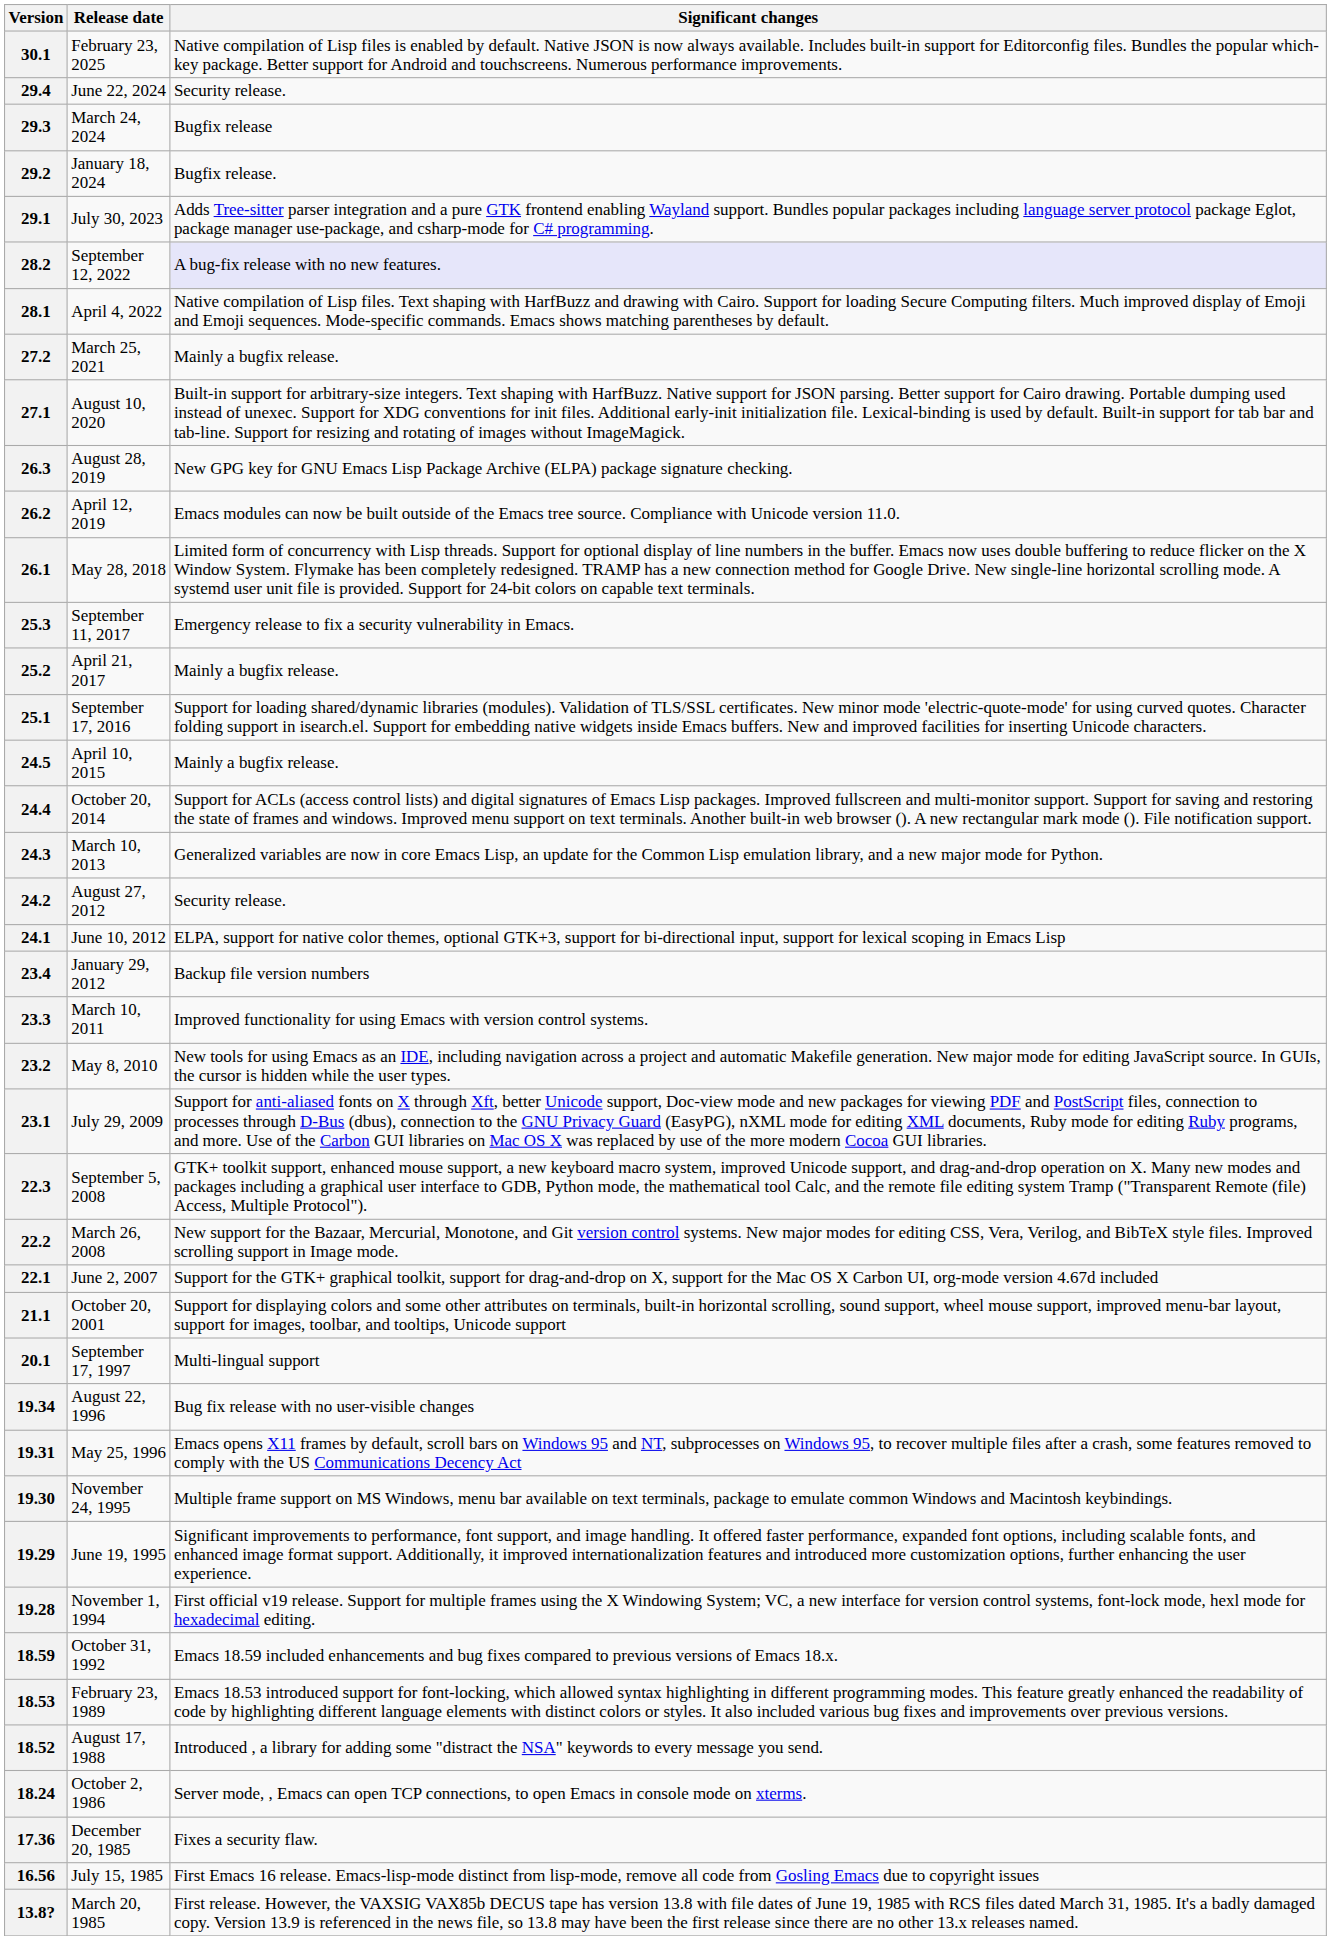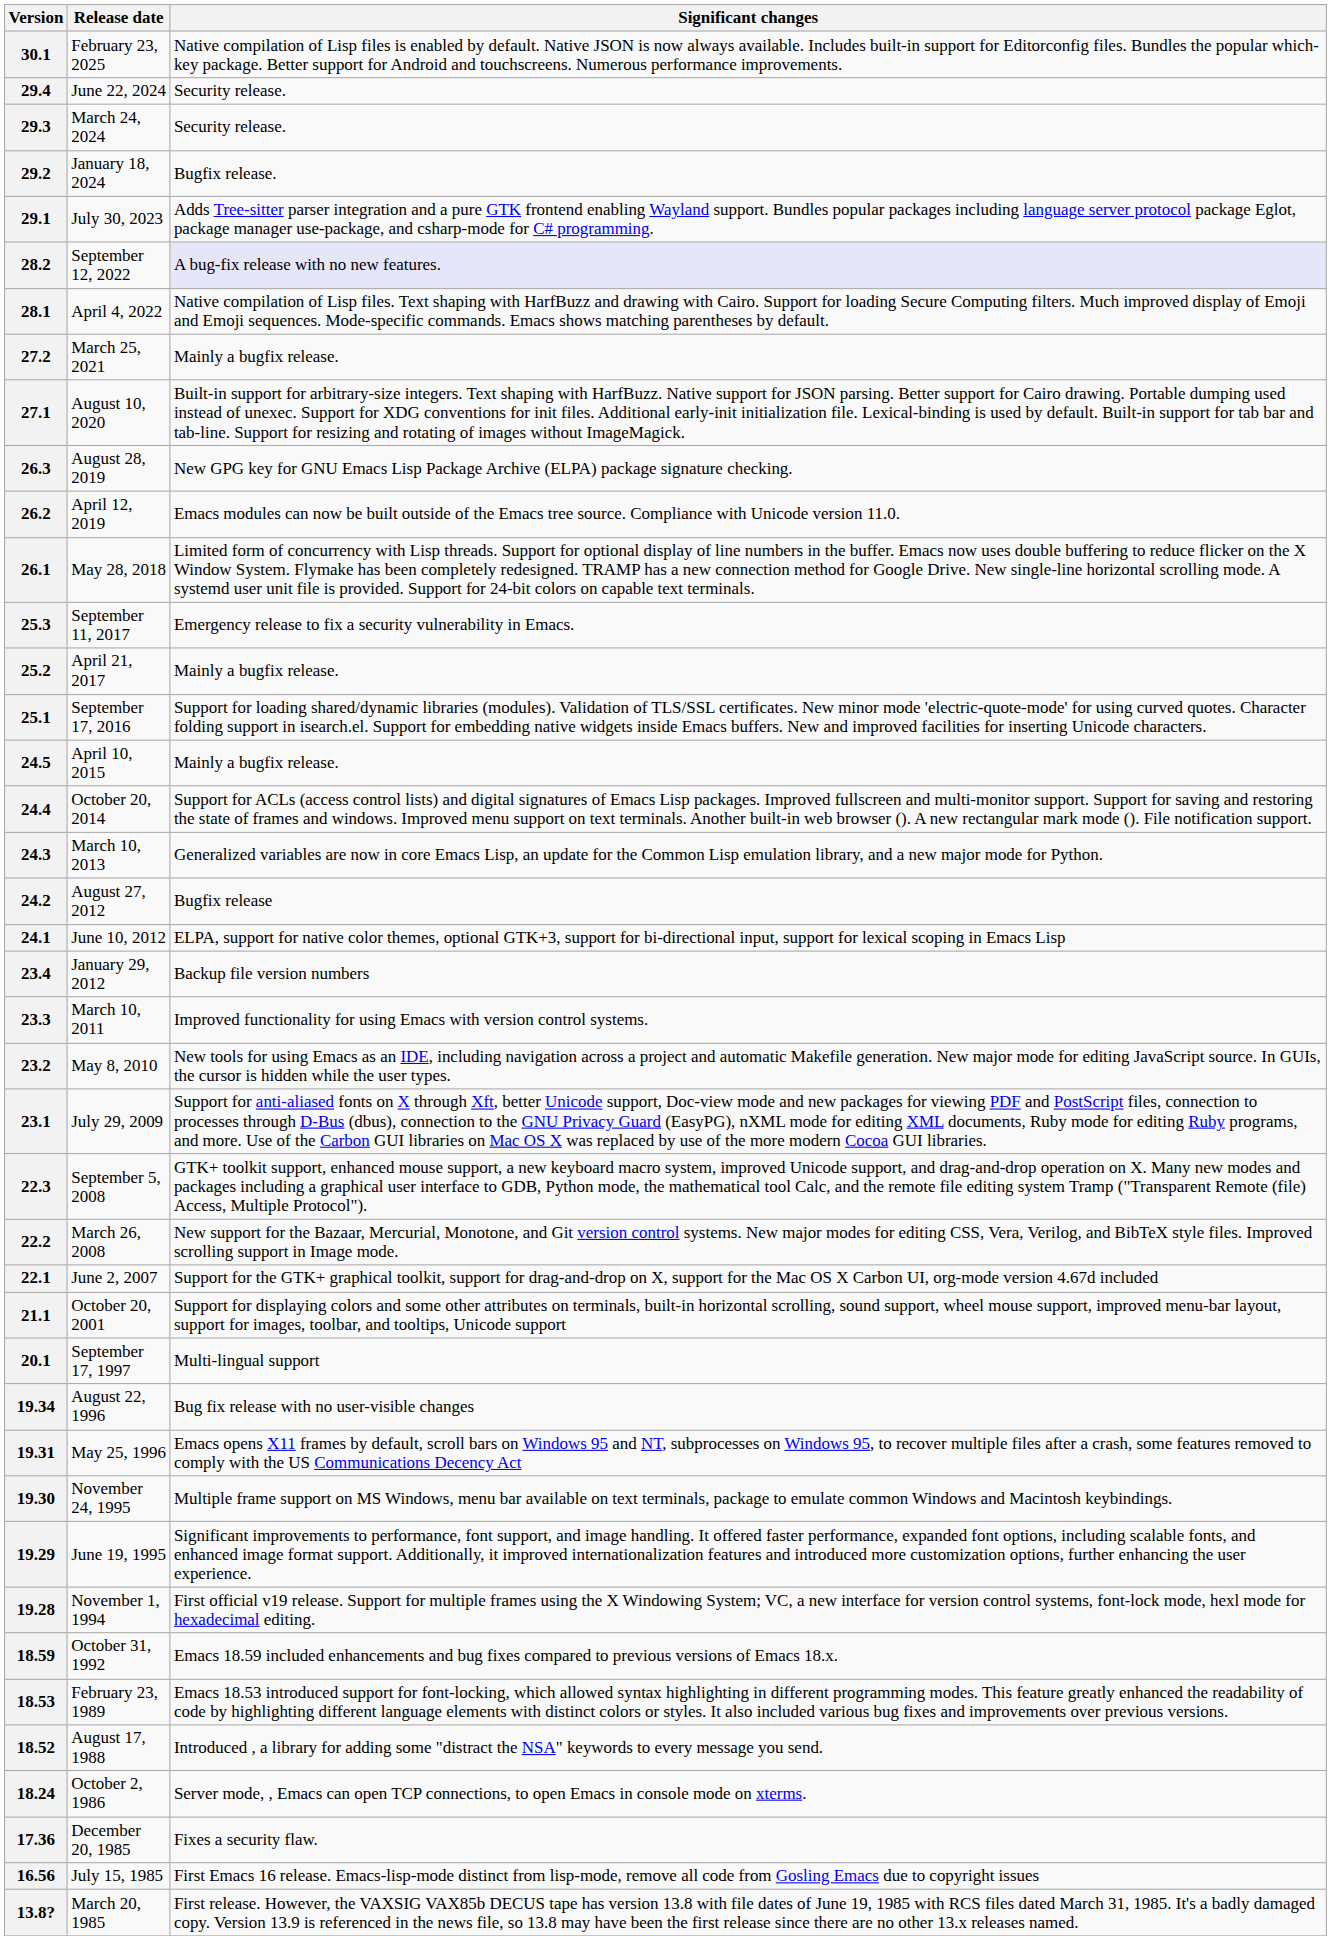 <table class="wikitable sortable">
 <tr>
 <th scope="col">Version</th>
 <th scope="col">Release date</th>
 <th scope="col">Significant changes</th>
 </tr>
 <tr>
 <th>30.1</th>
 <td>February 23, 2025</td>
 <td>Native compilation of Lisp files is enabled by default. Native JSON is now always available. Includes built-in support for Editorconfig files. Bundles the popular which-key package. Better support for Android and touchscreens. Numerous performance improvements.</td>
 </tr>
 <tr>
 <th>29.4</th>
 <td>June 22, 2024</td>
 <td>Security release.</td>
 </tr>
 <tr>
 <th>29.3</th>
 <td>March 24, 2024</td>
-<td>Bugfix release</td>
+<td>Security release.</td>
 </tr>
 <tr>
 <th>29.2</th>
 <td>January 18, 2024</td>
 <td>Bugfix release.</td>
 </tr>
 <tr>
 <th>29.1</th>
 <td>July 30, 2023</td>
 <td>Adds <a href='#'>Tree-sitter</a> parser integration and a pure <a href='#'>GTK</a> frontend enabling <a href='#'>Wayland</a> support. Bundles popular packages including <a href='#'>language server protocol</a> package Eglot, package manager use-package, and csharp-mode for <a href='#'>C# programming</a>.</td>
 </tr>
 <tr>
 <th>28.2</th>
 <td>September 12, 2022</td>
 <td style="background: lavender;">A bug-fix release with no new features.</td>
 </tr>
 <tr>
 <th>28.1</th>
 <td>April 4, 2022</td>
 <td>Native compilation of Lisp files. Text shaping with HarfBuzz and drawing with Cairo. Support for loading Secure Computing filters. Much improved display of Emoji and Emoji sequences. Mode-specific commands. Emacs shows matching parentheses by default.</td>
 </tr>
 <tr>
 <th>27.2</th>
 <td>March 25, 2021</td>
 <td>Mainly a bugfix release.</td>
 </tr>
 <tr>
 <th>27.1</th>
 <td>August 10, 2020</td>
 <td>Built-in support for arbitrary-size integers. Text shaping with HarfBuzz. Native support for JSON parsing. Better support for Cairo drawing. Portable dumping used instead of unexec. Support for XDG conventions for init files. Additional early-init initialization file. Lexical-binding is used by default. Built-in support for tab bar and tab-line. Support for resizing and rotating of images without ImageMagick.</td>
 </tr>
 <tr>
 <th>26.3</th>
 <td>August 28, 2019</td>
 <td>New GPG key for GNU Emacs Lisp Package Archive (ELPA) package signature checking.</td>
 </tr>
 <tr>
 <th>26.2</th>
 <td>April 12, 2019</td>
 <td>Emacs modules can now be built outside of the Emacs tree source. Compliance with Unicode version 11.0.</td>
 </tr>
 <tr>
 <th>26.1</th>
 <td>May 28, 2018</td>
 <td>Limited form of concurrency with Lisp threads. Support for optional display of line numbers in the buffer. Emacs now uses double buffering to reduce flicker on the X Window System. Flymake has been completely redesigned. TRAMP has a new connection method for Google Drive. New single-line horizontal scrolling mode. A systemd user unit file is provided. Support for 24-bit colors on capable text terminals.</td>
 </tr>
 <tr>
 <th>25.3</th>
 <td>September 11, 2017</td>
 <td>Emergency release to fix a security vulnerability in Emacs.</td>
 </tr>
 <tr>
 <th>25.2</th>
 <td>April 21, 2017</td>
 <td>Mainly a bugfix release.</td>
 </tr>
 <tr>
 <th>25.1</th>
 <td>September 17, 2016</td>
 <td>Support for loading shared/dynamic libraries (modules). Validation of TLS/SSL certificates. New minor mode 'electric-quote-mode' for using curved quotes. Character folding support in isearch.el. Support for embedding native widgets inside Emacs buffers. New and improved facilities for inserting Unicode characters.</td>
 </tr>
 <tr>
 <th>24.5</th>
 <td>April 10, 2015</td>
 <td>Mainly a bugfix release.</td>
 </tr>
 <tr>
 <th>24.4</th>
 <td>October 20, 2014</td>
 <td>Support for ACLs (access control lists) and digital signatures of Emacs Lisp packages. Improved fullscreen and multi-monitor support. Support for saving and restoring the state of frames and windows. Improved menu support on text terminals. Another built-in web browser (). A new rectangular mark mode (). File notification support.</td>
 </tr>
 <tr>
 <th>24.3</th>
 <td>March 10, 2013</td>
 <td>Generalized variables are now in core Emacs Lisp, an update for the Common Lisp emulation library, and a new major mode for Python.</td>
 </tr>
 <tr>
 <th>24.2</th>
 <td>August 27, 2012</td>
-<td>Security release.</td>
+<td>Bugfix release</td>
 </tr>
 <tr>
 <th>24.1</th>
 <td>June 10, 2012</td>
 <td>ELPA, support for native color themes, optional GTK+3, support for bi-directional input, support for lexical scoping in Emacs Lisp</td>
 </tr>
 <tr>
 <th>23.4</th>
 <td>January 29, 2012</td>
 <td>Backup file version numbers</td>
 </tr>
 <tr>
 <th>23.3</th>
 <td>March 10, 2011</td>
 <td>Improved functionality for using Emacs with version control systems.</td>
 </tr>
 <tr>
 <th>23.2</th>
 <td>May 8, 2010</td>
 <td>New tools for using Emacs as an <a href='#'>IDE</a>, including navigation across a project and automatic Makefile generation. New major mode for editing JavaScript source. In GUIs, the cursor is hidden while the user types.</td>
 </tr>
 <tr>
 <th>23.1</th>
 <td>July 29, 2009</td>
 <td>Support for <a href='#'>anti-aliased</a> fonts on <a href='#'>X</a> through <a href='#'>Xft</a>, better <a href='#'>Unicode</a> support, Doc-view mode and new packages for viewing <a href='#'>PDF</a> and <a href='#'>PostScript</a> files, connection to processes through <a href='#'>D-Bus</a> (dbus), connection to the <a href='#'>GNU Privacy Guard</a> (EasyPG), nXML mode for editing <a href='#'>XML</a> documents, Ruby mode for editing <a href='#'>Ruby</a> programs, and more. Use of the <a href='#'>Carbon</a> GUI libraries on <a href='#'>Mac OS X</a> was replaced by use of the more modern <a href='#'>Cocoa</a> GUI libraries.</td>
 </tr>
 <tr>
 <th>22.3</th>
 <td>September 5, 2008</td>
 <td>GTK+ toolkit support, enhanced mouse support, a new keyboard macro system, improved Unicode support, and drag-and-drop operation on X. Many new modes and packages including a graphical user interface to GDB, Python mode, the mathematical tool Calc, and the remote file editing system Tramp ("Transparent Remote (file) Access, Multiple Protocol").</td>
 </tr>
 <tr>
 <th>22.2</th>
 <td>March 26, 2008</td>
 <td>New support for the Bazaar, Mercurial, Monotone, and Git <a href='#'>version control</a> systems. New major modes for editing CSS, Vera, Verilog, and BibTeX style files. Improved scrolling support in Image mode.</td>
 </tr>
 <tr>
 <th>22.1</th>
 <td>June 2, 2007</td>
 <td>Support for the GTK+ graphical toolkit, support for drag-and-drop on X, support for the Mac OS X Carbon UI, org-mode version 4.67d included</td>
 </tr>
 <tr>
 <th>21.1</th>
 <td>October 20, 2001</td>
 <td>Support for displaying colors and some other attributes on terminals, built-in horizontal scrolling, sound support, wheel mouse support, improved menu-bar layout, support for images, toolbar, and tooltips, Unicode support</td>
 </tr>
 <tr>
 <th>20.1</th>
 <td>September 17, 1997</td>
 <td>Multi-lingual support</td>
 </tr>
 <tr>
 <th>19.34</th>
 <td>August 22, 1996</td>
 <td>Bug fix release with no user-visible changes</td>
 </tr>
 <tr>
 <th>19.31</th>
 <td>May 25, 1996</td>
 <td>Emacs opens <a href='#'>X11</a> frames by default, scroll bars on <a href='#'>Windows 95</a> and <a href='#'>NT</a>, subprocesses on <a href='#'>Windows 95</a>,  to recover multiple files after a crash, some  features removed to comply with the US <a href='#'>Communications Decency Act</a></td>
 </tr>
 <tr>
 <th>19.30</th>
 <td>November 24, 1995</td>
 <td>Multiple frame support on MS Windows, menu bar available on text terminals,  package to emulate common Windows and Macintosh keybindings.</td>
 </tr>
 <tr>
 <th>19.29</th>
 <td>June 19, 1995</td>
 <td>Significant improvements to performance, font support, and image handling. It offered faster performance, expanded font options, including scalable fonts, and enhanced image format support. Additionally, it improved internationalization features and introduced more customization options, further enhancing the user experience.</td>
 </tr>
 <tr>
 <th>19.28</th>
 <td>November 1, 1994</td>
 <td>First official v19 release.  Support for multiple frames using the X Windowing System; VC, a new interface for version control systems, font-lock mode, hexl mode for <a href='#'>hexadecimal</a> editing.</td>
 </tr>
 <tr>
 <th>18.59</th>
 <td>October 31, 1992</td>
 <td>Emacs 18.59 included enhancements and bug fixes compared to previous versions of Emacs 18.x.</td>
 </tr>
 <tr>
 <th>18.53</th>
 <td>February 23, 1989</td>
 <td>Emacs 18.53 introduced support for font-locking, which allowed syntax highlighting in different programming modes. This feature greatly enhanced the readability of code by highlighting different language elements with distinct colors or styles. It also included various bug fixes and improvements over previous versions.</td>
 </tr>
 <tr>
 <th>18.52</th>
 <td>August 17, 1988</td>
 <td>Introduced , a library for adding some "distract the <a href='#'>NSA</a>" keywords to every message you send.</td>
 </tr>
 <tr>
 <th>18.24</th>
 <td>October 2, 1986</td>
 <td>Server mode, , Emacs can open TCP connections,  to open Emacs in console mode on <a href='#'>xterms</a>.</td>
 </tr>
 <tr>
 <th>17.36</th>
 <td>December 20, 1985</td>
 <td>Fixes a security flaw.</td>
 </tr>
 <tr>
 <th>16.56</th>
 <td>July 15, 1985</td>
 <td>First Emacs 16 release. Emacs-lisp-mode distinct from lisp-mode, remove all code from <a href='#'>Gosling Emacs</a> due to copyright issues</td>
 </tr>
 <tr>
 <th>13.8?</th>
 <td>March 20, 1985</td>
 <td>First release. However, the VAXSIG VAX85b DECUS tape has version 13.8 with file dates of June 19, 1985 with RCS files dated March 31, 1985. It's a badly damaged copy. Version 13.9 is referenced in the news file, so 13.8 may have been the first release since there are no other 13.x releases named.</td>
 </tr>
 </table>
